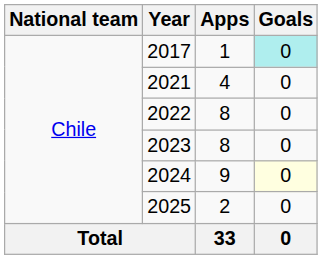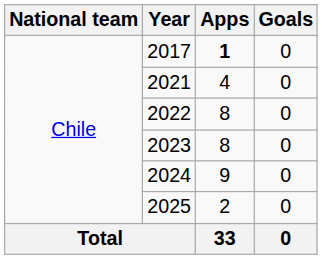 <table class="wikitable" style="text-align:center">
 <tr>
 <th>National team</th>
 <th>Year</th>
 <th>Apps</th>
 <th>Goals</th>
 </tr>
 <tr>
 <td rowspan="6"><a href='#'>Chile</a></td>
 <td>2017</td>
-<td>1</td>
-<td style="background: paleturquoise;">0</td>
+<td><strong>1</strong></td>
+<td>0</td>
 </tr>
 <tr>
 <td>2021</td>
 <td>4</td>
 <td>0</td>
 </tr>
 <tr>
 <td>2022</td>
 <td>8</td>
 <td>0</td>
 </tr>
 <tr>
 <td>2023</td>
 <td>8</td>
 <td>0</td>
 </tr>
 <tr>
 <td>2024</td>
 <td>9</td>
-<td style="background: lightyellow;">0</td>
+<td>0</td>
 </tr>
 <tr>
 <td>2025</td>
 <td>2</td>
 <td>0</td>
 </tr>
 <tr>
 <th colspan="2">Total</th>
 <th>33</th>
 <th>0</th>
 </tr>
 </table>
